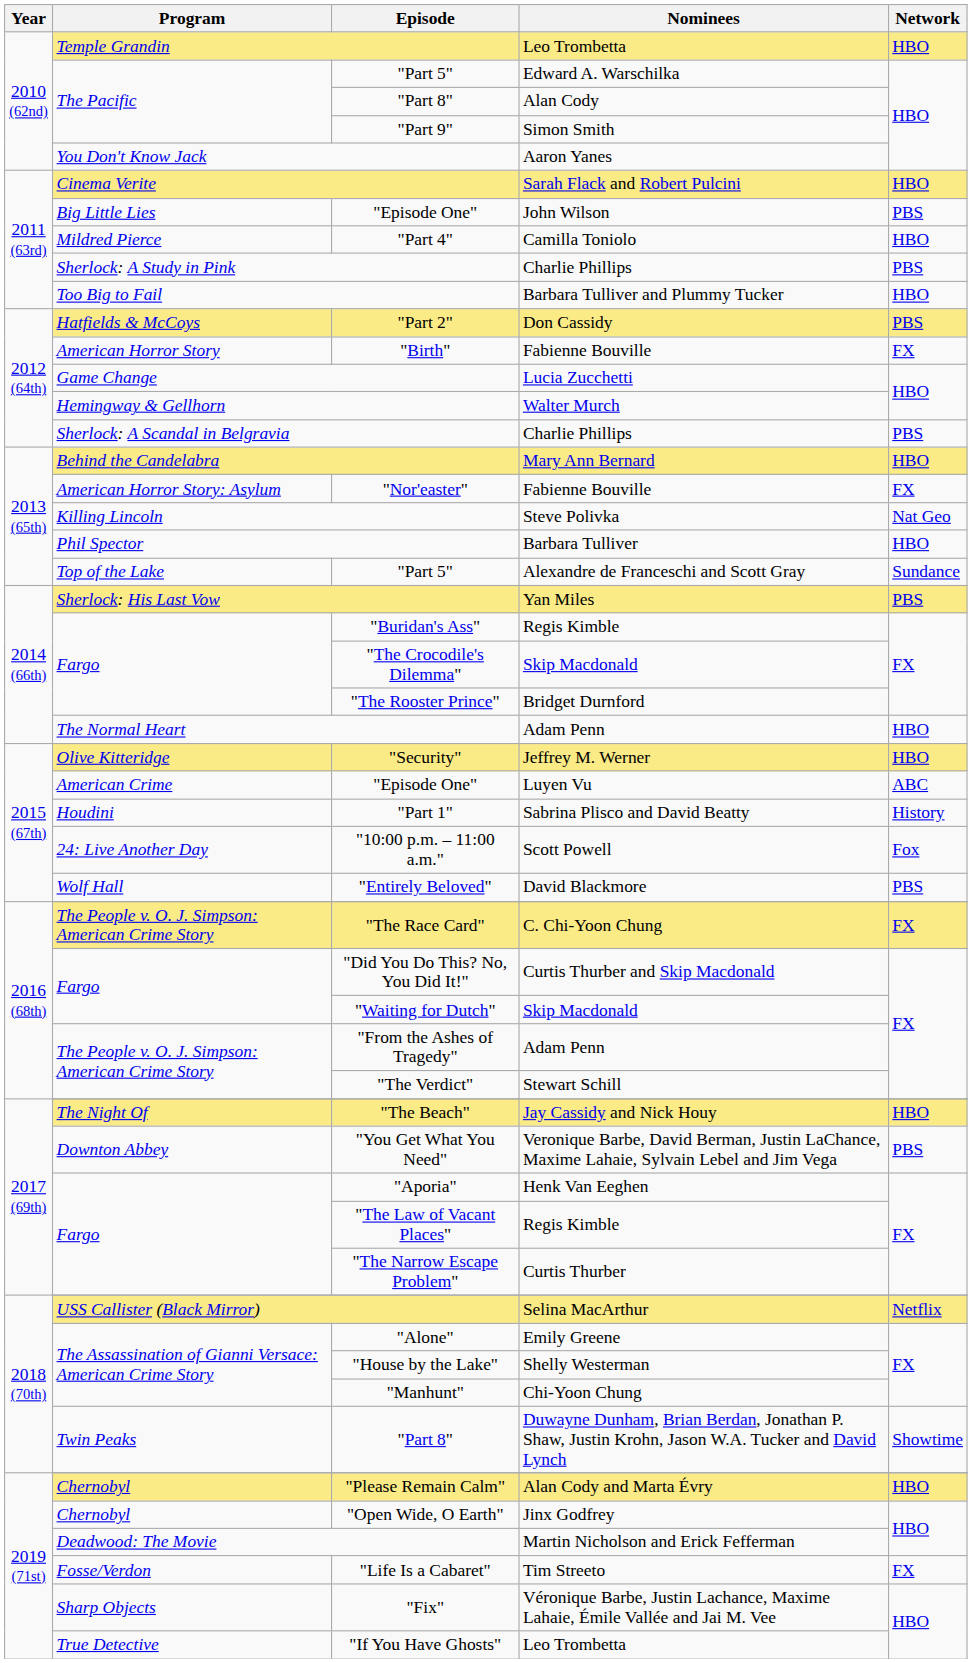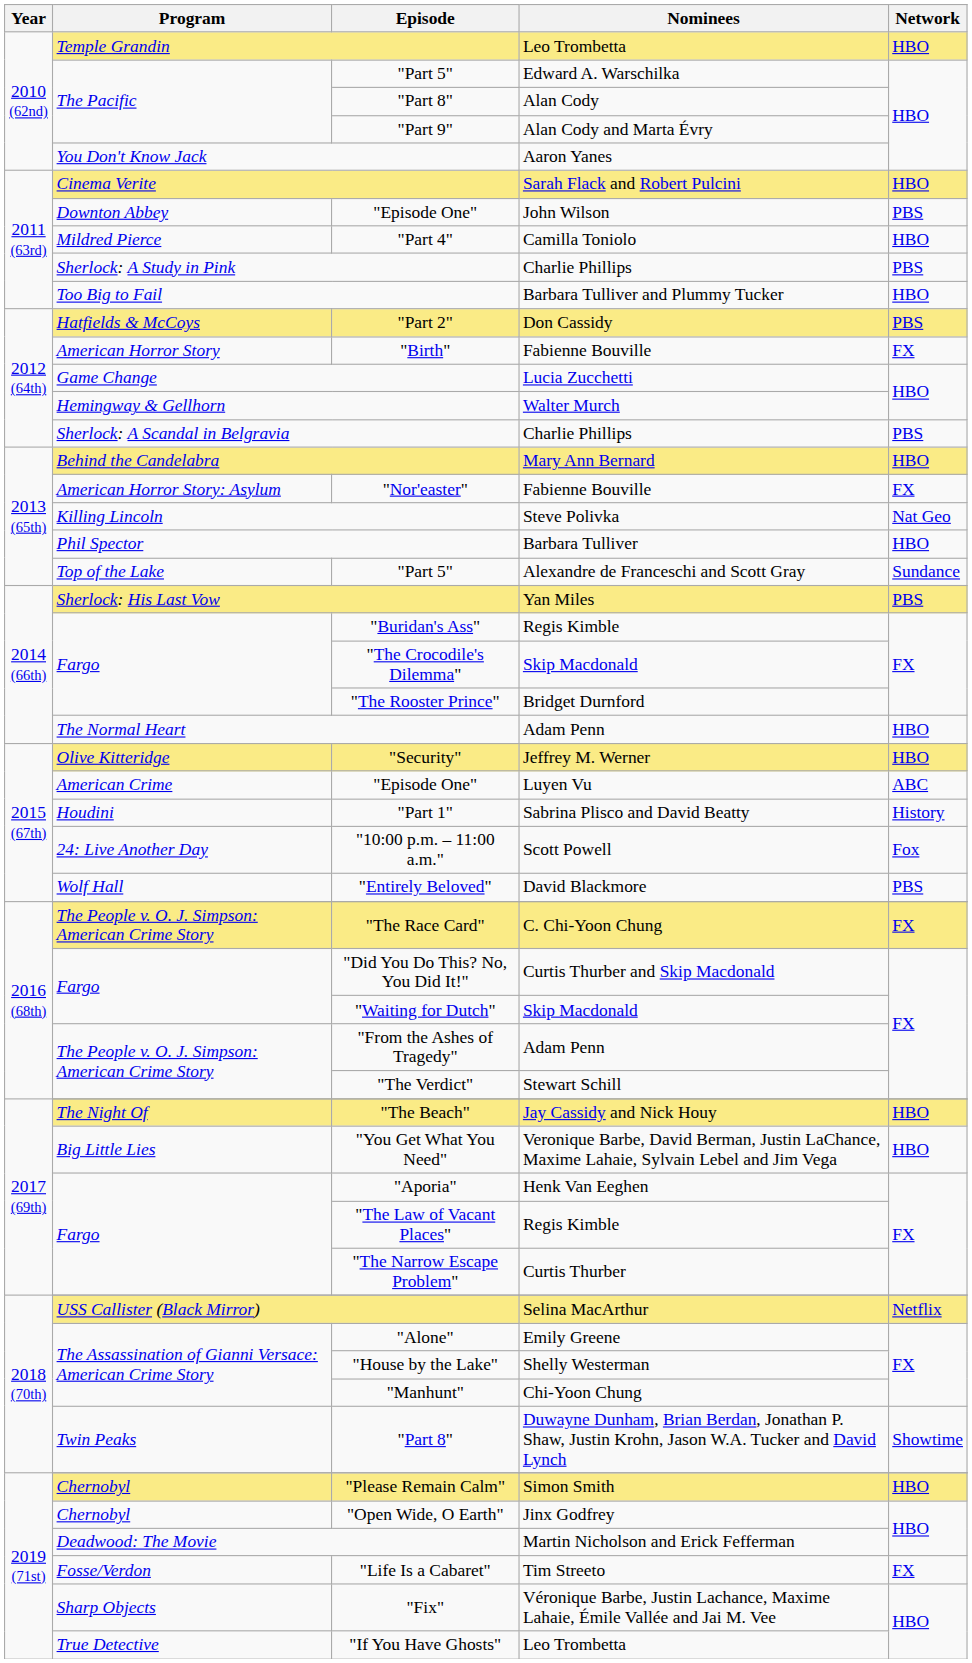 <table class="wikitable" style="width:100%">
 <tr>
 <th width="5%">Year</th>
 <th width="30%">Program</th>
 <th width="20%">Episode</th>
 <th width="40%">Nominees</th>
 <th width="5%">Network</th>
 </tr>
 <tr>
 <td rowspan="5" style="text-align:center;"><a href='#'>2010</a><br><small><a href='#'>(62nd)</a></small><br></td>
 <td style="background:#FAEB86;" colspan=2><em><a href='#'>Temple Grandin</a></em></td>
 <td style="background:#FAEB86;">Leo Trombetta</td>
 <td style="background:#FAEB86;"><a href='#'>HBO</a></td>
 </tr>
 <tr>
 <td rowspan=3><em><a href='#'>The Pacific</a></em></td>
 <td align=center>"Part 5"</td>
 <td>Edward A. Warschilka</td>
 <td rowspan=4><a href='#'>HBO</a></td>
 </tr>
 <tr>
 <td align=center>"Part 8"</td>
 <td>Alan Cody</td>
 </tr>
 <tr>
 <td align=center>"Part 9"</td>
-<td>Simon Smith</td>
+<td>Alan Cody and  Marta Évry</td>
 </tr>
 <tr>
 <td colspan=2><em><a href='#'>You Don't Know Jack</a></em></td>
 <td>Aaron Yanes</td>
 </tr>
 <tr>
 <td rowspan="5" style="text-align:center;"><a href='#'>2011</a><br><small><a href='#'>(63rd)</a></small><br></td>
 <td style="background:#FAEB86;" colspan=2><em><a href='#'>Cinema Verite</a></em></td>
 <td style="background:#FAEB86;"><a href='#'>Sarah Flack</a> and <a href='#'>Robert Pulcini</a></td>
 <td style="background:#FAEB86;"><a href='#'>HBO</a></td>
 </tr>
 <tr>
-<td><em><a href='#'>Big Little Lies</a></em></td>
+<td><em><a href='#'>Downton Abbey</a></em></td>
 <td align=center>"Episode One"</td>
 <td>John Wilson</td>
 <td><a href='#'>PBS</a></td>
 </tr>
 <tr>
 <td><em><a href='#'>Mildred Pierce</a></em></td>
 <td align=center>"Part 4"</td>
 <td>Camilla Toniolo</td>
 <td><a href='#'>HBO</a></td>
 </tr>
 <tr>
 <td colspan=2><em><a href='#'>Sherlock</a>: <a href='#'>A Study in Pink</a></em></td>
 <td>Charlie Phillips</td>
 <td><a href='#'>PBS</a></td>
 </tr>
 <tr>
 <td colspan=2><em><a href='#'>Too Big to Fail</a></em></td>
 <td>Barbara Tulliver and  Plummy Tucker</td>
 <td><a href='#'>HBO</a></td>
 </tr>
 <tr>
 <td rowspan="5" style="text-align:center;"><a href='#'>2012</a><br><small><a href='#'>(64th)</a></small><br></td>
 <td style="background:#FAEB86;"><em><a href='#'>Hatfields & McCoys</a></em></td>
 <td style="background:#FAEB86;" align=center>"Part 2"</td>
 <td style="background:#FAEB86;">Don Cassidy</td>
 <td style="background:#FAEB86;"><a href='#'>PBS</a></td>
 </tr>
 <tr>
 <td><em><a href='#'>American Horror Story</a></em></td>
 <td align=center>"<a href='#'>Birth</a>"</td>
 <td>Fabienne Bouville</td>
 <td><a href='#'>FX</a></td>
 </tr>
 <tr>
 <td colspan=2><em><a href='#'>Game Change</a></em></td>
 <td><a href='#'>Lucia Zucchetti</a></td>
 <td rowspan=2><a href='#'>HBO</a></td>
 </tr>
 <tr>
 <td colspan=2><em><a href='#'>Hemingway & Gellhorn</a></em></td>
 <td><a href='#'>Walter Murch</a></td>
 </tr>
 <tr>
 <td colspan=2><em><a href='#'>Sherlock</a>: <a href='#'>A Scandal in Belgravia</a></em></td>
 <td>Charlie Phillips</td>
 <td><a href='#'>PBS</a></td>
 </tr>
 <tr>
 <td rowspan="5" style="text-align:center;"><a href='#'>2013</a><br><small><a href='#'>(65th)</a></small><br></td>
 <td style="background:#FAEB86;" colspan=2><em><a href='#'>Behind the Candelabra</a></em></td>
 <td style="background:#FAEB86;"><a href='#'>Mary Ann Bernard</a></td>
 <td style="background:#FAEB86;"><a href='#'>HBO</a></td>
 </tr>
 <tr>
 <td><em><a href='#'>American Horror Story: Asylum</a></em></td>
 <td align=center>"<a href='#'>Nor'easter</a>"</td>
 <td>Fabienne Bouville</td>
 <td><a href='#'>FX</a></td>
 </tr>
 <tr>
 <td colspan=2><em><a href='#'>Killing Lincoln</a></em></td>
 <td>Steve Polivka</td>
 <td><a href='#'>Nat Geo</a></td>
 </tr>
 <tr>
 <td colspan=2><em><a href='#'>Phil Spector</a></em></td>
 <td>Barbara Tulliver</td>
 <td><a href='#'>HBO</a></td>
 </tr>
 <tr>
 <td><em><a href='#'>Top of the Lake</a></em></td>
 <td align=center>"Part 5"</td>
 <td>Alexandre de Franceschi and Scott Gray</td>
 <td><a href='#'>Sundance</a></td>
 </tr>
 <tr>
 <td rowspan="5" style="text-align:center;"><a href='#'>2014</a><br><small><a href='#'>(66th)</a></small><br></td>
 <td style="background:#FAEB86;" colspan=2><em><a href='#'>Sherlock</a>: <a href='#'>His Last Vow</a></em></td>
 <td style="background:#FAEB86;">Yan Miles</td>
 <td style="background:#FAEB86;"><a href='#'>PBS</a></td>
 </tr>
 <tr>
 <td rowspan=3><em><a href='#'>Fargo</a></em></td>
 <td align=center>"<a href='#'>Buridan's Ass</a>"</td>
 <td>Regis Kimble</td>
 <td rowspan=3><a href='#'>FX</a></td>
 </tr>
 <tr>
 <td align=center>"<a href='#'>The Crocodile's Dilemma</a>"</td>
 <td><a href='#'>Skip Macdonald</a></td>
 </tr>
 <tr>
 <td align=center>"<a href='#'>The Rooster Prince</a>"</td>
 <td>Bridget Durnford</td>
 </tr>
 <tr>
 <td colspan=2><em><a href='#'>The Normal Heart</a></em></td>
 <td>Adam Penn</td>
 <td><a href='#'>HBO</a></td>
 </tr>
 <tr>
 <td rowspan="5" style="text-align:center;"><a href='#'>2015</a><br><small><a href='#'>(67th)</a></small><br></td>
 <td style="background:#FAEB86;"><em><a href='#'>Olive Kitteridge</a></em></td>
 <td style="background:#FAEB86;" align=center>"Security"</td>
 <td style="background:#FAEB86;">Jeffrey M. Werner</td>
 <td style="background:#FAEB86;"><a href='#'>HBO</a></td>
 </tr>
 <tr>
 <td><em><a href='#'>American Crime</a></em></td>
 <td align=center>"Episode One"</td>
 <td>Luyen Vu</td>
 <td><a href='#'>ABC</a></td>
 </tr>
 <tr>
 <td><em><a href='#'>Houdini</a></em></td>
 <td align=center>"Part 1"</td>
 <td>Sabrina Plisco and David Beatty</td>
 <td><a href='#'>History</a></td>
 </tr>
 <tr>
 <td><em><a href='#'>24: Live Another Day</a></em></td>
 <td align=center>"10:00 p.m. – 11:00 a.m."</td>
 <td>Scott Powell</td>
 <td><a href='#'>Fox</a></td>
 </tr>
 <tr>
 <td><em><a href='#'>Wolf Hall</a></em></td>
 <td align=center>"<a href='#'>Entirely Beloved</a>"</td>
 <td>David Blackmore</td>
 <td><a href='#'>PBS</a></td>
 </tr>
 <tr>
 <td rowspan="6" style="text-align:center;"><a href='#'>2016</a><br><small><a href='#'>(68th)</a></small><br></td>
 </tr>
 <tr style="background:#FAEB86;">
 <td><em><a href='#'>The People v. O. J. Simpson: American Crime Story</a></em></td>
 <td align=center>"The Race Card"</td>
 <td>C. Chi-Yoon Chung</td>
 <td><a href='#'>FX</a></td>
 </tr>
 <tr>
 <td rowspan=2><em><a href='#'>Fargo</a></em></td>
 <td align=center>"Did You Do This? No, You Did It!"</td>
 <td>Curtis Thurber and <a href='#'>Skip Macdonald</a></td>
 <td rowspan=4><a href='#'>FX</a></td>
 </tr>
 <tr>
 <td align=center>"<a href='#'>Waiting for Dutch</a>"</td>
 <td><a href='#'>Skip Macdonald</a></td>
 </tr>
 <tr>
 <td rowspan=2><em><a href='#'>The People v. O. J. Simpson: American Crime Story</a></em></td>
 <td align=center>"From the Ashes of Tragedy"</td>
 <td>Adam Penn</td>
 </tr>
 <tr>
 <td align=center>"The Verdict"</td>
 <td>Stewart Schill</td>
 </tr>
 <tr>
 <td rowspan="6" style="text-align:center;"><a href='#'>2017</a><br><small><a href='#'>(69th)</a></small><br></td>
 </tr>
 <tr style="background:#FAEB86;">
 <td><em><a href='#'>The Night Of</a></em></td>
 <td align=center>"The Beach"</td>
 <td><a href='#'>Jay Cassidy</a> and Nick Houy</td>
 <td><a href='#'>HBO</a></td>
 </tr>
 <tr>
-<td><em><a href='#'>Downton Abbey</a></em></td>
+<td><em><a href='#'>Big Little Lies</a></em></td>
 <td align=center>"You Get What You Need"</td>
 <td>Veronique Barbe, David Berman, Justin LaChance, Maxime Lahaie, Sylvain Lebel and Jim Vega</td>
-<td><a href='#'>PBS</a></td>
+<td><a href='#'>HBO</a></td>
 </tr>
 <tr>
 <td rowspan=3><em><a href='#'>Fargo</a></em></td>
 <td align=center>"Aporia"</td>
 <td>Henk Van Eeghen</td>
 <td rowspan=3><a href='#'>FX</a></td>
 </tr>
 <tr>
 <td align=center>"<a href='#'>The Law of Vacant Places</a>"</td>
 <td>Regis Kimble</td>
 </tr>
 <tr>
 <td align=center>"<a href='#'>The Narrow Escape Problem</a>"</td>
 <td>Curtis Thurber</td>
 </tr>
 <tr>
 <td rowspan="6" style="text-align:center;"><a href='#'>2018</a><br><small><a href='#'>(70th)</a></small><br></td>
 </tr>
 <tr style="background:#FAEB86;">
 <td colspan=2><em><a href='#'>USS Callister</a> (<a href='#'>Black Mirror</a>)</em></td>
 <td>Selina MacArthur</td>
 <td><a href='#'>Netflix</a></td>
 </tr>
 <tr>
 <td rowspan=3><em><a href='#'>The Assassination of Gianni Versace: American Crime Story</a></em></td>
 <td align=center>"Alone"</td>
 <td>Emily Greene</td>
 <td rowspan=3><a href='#'>FX</a></td>
 </tr>
 <tr>
 <td align=center>"House by the Lake"</td>
 <td>Shelly Westerman</td>
 </tr>
 <tr>
 <td align=center>"Manhunt"</td>
 <td>Chi-Yoon Chung</td>
 </tr>
 <tr>
 <td><em><a href='#'>Twin Peaks</a></em></td>
 <td align=center>"<a href='#'>Part 8</a>"</td>
 <td><a href='#'>Duwayne Dunham</a>, <a href='#'>Brian Berdan</a>, Jonathan P. Shaw, Justin Krohn, Jason W.A. Tucker and <a href='#'>David Lynch</a></td>
 <td><a href='#'>Showtime</a></td>
 </tr>
 <tr>
 <td rowspan="7" style="text-align:center;"><a href='#'>2019</a><br><small><a href='#'>(71st)</a></small><br></td>
 </tr>
 <tr style="background:#FAEB86;">
 <td><em><a href='#'>Chernobyl</a></em></td>
 <td align=center>"Please Remain Calm"</td>
-<td>Alan Cody and  Marta Évry</td>
+<td>Simon Smith</td>
 <td><a href='#'>HBO</a></td>
 </tr>
 <tr>
 <td><em><a href='#'>Chernobyl</a></em></td>
 <td align=center>"Open Wide, O Earth"</td>
 <td>Jinx Godfrey</td>
 <td rowspan=2><a href='#'>HBO</a></td>
 </tr>
 <tr>
 <td colspan="2"><em><a href='#'>Deadwood: The Movie</a></em></td>
 <td>Martin Nicholson and Erick Fefferman</td>
 </tr>
 <tr>
 <td><em><a href='#'>Fosse/Verdon</a></em></td>
 <td align=center>"Life Is a Cabaret"</td>
 <td>Tim Streeto</td>
 <td><a href='#'>FX</a></td>
 </tr>
 <tr>
 <td><em><a href='#'>Sharp Objects</a></em></td>
 <td align=center>"Fix"</td>
 <td>Véronique Barbe, Justin Lachance, Maxime Lahaie, Émile Vallée and Jai M. Vee</td>
 <td rowspan=2><a href='#'>HBO</a></td>
 </tr>
 <tr>
 <td><em><a href='#'>True Detective</a></em></td>
 <td align=center>"If You Have Ghosts"</td>
 <td>Leo Trombetta</td>
 </tr>
 </table>
